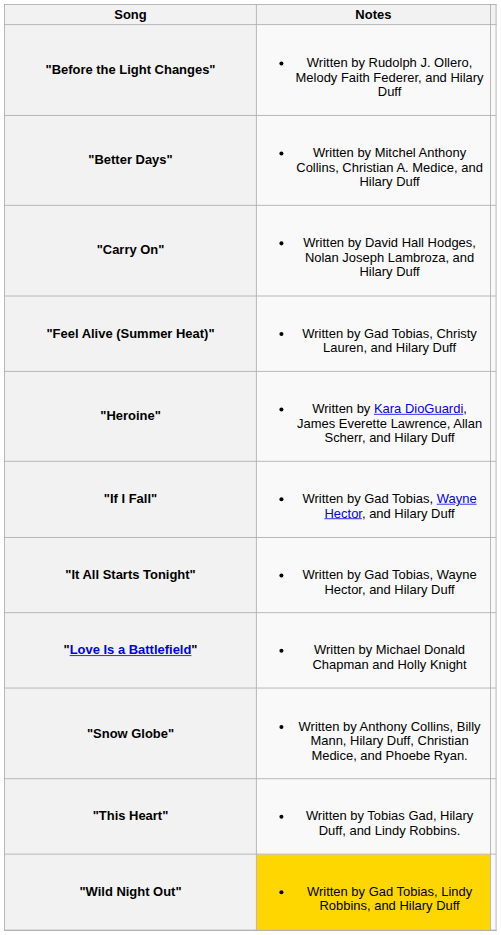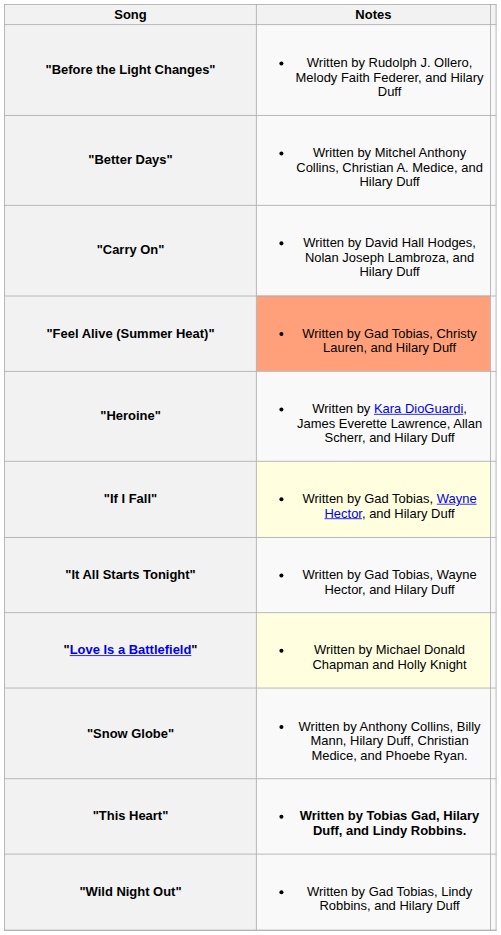 <table class="wikitable sortable plainrowheaders" style="text-align:center;">
 <tr>
 <th scope="col" style="width:19em;">Song</th>
 <th class="unsortable" scope="col">Notes</th>
 <th class="unsortable" scope="col"></th>
 </tr>
 <tr>
 <th scope=row>"Before the Light Changes"</th>
 <td><br><ul><li>Written by Rudolph J. Ollero, Melody Faith Federer, and Hilary Duff</li></ul></td>
 <td></td>
 </tr>
 <tr>
 <th scope=row>"Better Days"</th>
 <td><br><ul><li>Written by Mitchel Anthony Collins, Christian A. Medice, and Hilary Duff</li></ul></td>
 <td></td>
 </tr>
 <tr>
 <th scope=row>"Carry On"</th>
 <td><br><ul><li>Written by David Hall Hodges, Nolan Joseph Lambroza, and Hilary Duff</li></ul></td>
 <td></td>
 </tr>
 <tr>
 <th scope=row>"Feel Alive (Summer Heat)"</th>
-<td><br><ul><li>Written by Gad Tobias, Christy Lauren, and Hilary Duff</li></ul></td>
+<td style="background: lightsalmon;"><br><ul><li>Written by Gad Tobias, Christy Lauren, and Hilary Duff</li></ul></td>
 <td></td>
 </tr>
 <tr>
 <th scope=row>"Heroine"</th>
 <td><br><ul><li>Written by <a href='#'>Kara DioGuardi</a>, James Everette Lawrence, Allan Scherr, and Hilary Duff</li></ul></td>
 <td></td>
 </tr>
 <tr>
 <th scope=row>"If I Fall"</th>
-<td><br><ul><li>Written by Gad Tobias, <a href='#'>Wayne Hector</a>, and Hilary Duff</li></ul></td>
+<td style="background: lightyellow;"><br><ul><li>Written by Gad Tobias, <a href='#'>Wayne Hector</a>, and Hilary Duff</li></ul></td>
 <td></td>
 </tr>
 <tr>
 <th scope=row>"It All Starts Tonight"</th>
 <td><br><ul><li>Written by Gad Tobias, Wayne Hector, and Hilary Duff</li></ul></td>
 <td></td>
 </tr>
 <tr>
 <th scope=row>"<a href='#'>Love Is a Battlefield</a>"</th>
-<td><br><ul><li>Written by Michael Donald Chapman and Holly Knight</li></ul></td>
+<td style="background: lightyellow;"><br><ul><li>Written by Michael Donald Chapman and Holly Knight</li></ul></td>
 <td></td>
 </tr>
 <tr>
 <th scope=row>"Snow Globe"</th>
 <td><br><ul><li>Written by Anthony Collins, Billy Mann, Hilary Duff, Christian Medice, and Phoebe Ryan.</li></ul></td>
 <td></td>
 </tr>
 <tr>
 <th scope=row>"This Heart"</th>
-<td><br><ul><li>Written by Tobias Gad, Hilary Duff, and Lindy Robbins.</li></ul></td>
+<td><strong><br><ul><li>Written by Tobias Gad, Hilary Duff, and Lindy Robbins.</li></ul></strong></td>
 <td></td>
 </tr>
 <tr>
 <th scope=row>"Wild Night Out"</th>
-<td style="background: gold;"><br><ul><li>Written by Gad Tobias, Lindy Robbins, and Hilary Duff</li></ul></td>
+<td><br><ul><li>Written by Gad Tobias, Lindy Robbins, and Hilary Duff</li></ul></td>
 <td></td>
 </tr>
 <tr>
 </tr>
 </table>
